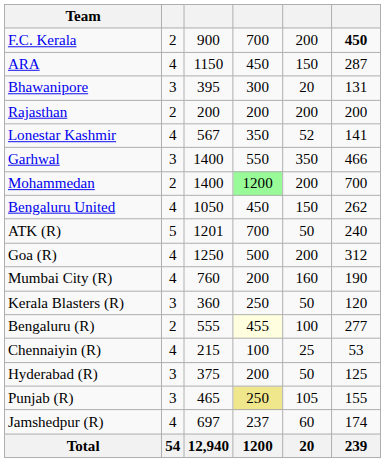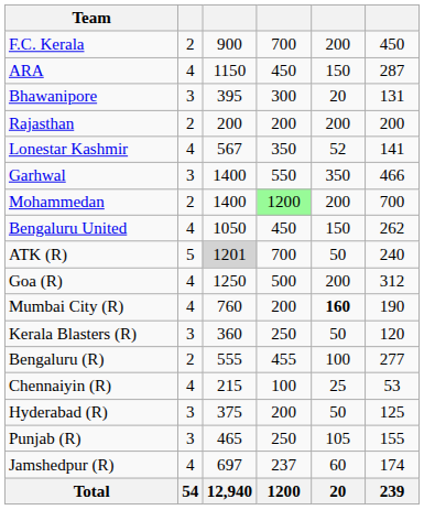 <table class="wikitable sortable">
 <tr>
 <th width=160>Team</th>
 <th></th>
 <th width=45></th>
 <th width=45></th>
 <th width=45></th>
 <th width=45></th>
 </tr>
 <tr>
 <td><a href='#'>F.C. Kerala</a></td>
 <td align=center>2</td>
 <td align=center>900</td>
 <td align=center>700</td>
 <td align=center>200</td>
-<td align=center><strong>450<br></strong></td>
+<td align=center>450<br></td>
 </tr>
 <tr>
 <td><a href='#'>ARA</a></td>
 <td align=center>4</td>
 <td align=center>1150</td>
 <td align=center>450</td>
 <td align=center>150</td>
 <td align=center>287<br></td>
 </tr>
 <tr>
 <td><a href='#'>Bhawanipore</a></td>
 <td align=center>3</td>
 <td align=center>395</td>
 <td align=center>300</td>
 <td align=center>20</td>
 <td align=center>131<br></td>
 </tr>
 <tr>
 <td><a href='#'>Rajasthan</a></td>
 <td align=center>2</td>
 <td align=center>200</td>
 <td align=center>200</td>
 <td align=center>200</td>
 <td align=center>200<br></td>
 </tr>
 <tr>
 <td><a href='#'>Lonestar Kashmir</a></td>
 <td align=center>4</td>
 <td align=center>567</td>
 <td align=center>350</td>
 <td align=center>52</td>
 <td align=center>141<br></td>
 </tr>
 <tr>
 <td><a href='#'>Garhwal</a></td>
 <td align=center>3</td>
 <td align=center>1400</td>
 <td align=center>550</td>
 <td align=center>350</td>
 <td align=center>466<br></td>
 </tr>
 <tr>
 <td><a href='#'>Mohammedan</a></td>
 <td align=center>2</td>
 <td align=center>1400</td>
 <td align=center bgcolor="#98FB98">1200</td>
 <td align=center>200</td>
 <td align=center>700<br></td>
 </tr>
 <tr>
 <td><a href='#'>Bengaluru United</a></td>
 <td align=center>4</td>
 <td align=center>1050</td>
 <td align=center>450</td>
 <td align=center>150</td>
 <td align=center>262<br></td>
 </tr>
 <tr>
 <td>ATK (R)</td>
 <td align=center>5</td>
-<td align=center>1201</td>
+<td align=center style="background: lightgrey;">1201</td>
 <td align=center>700</td>
 <td align=center>50</td>
 <td align=center>240<br></td>
 </tr>
 <tr>
 <td>Goa (R)</td>
 <td align=center>4</td>
 <td align=center>1250</td>
 <td align=center>500</td>
 <td align=center>200</td>
 <td align=center>312<br></td>
 </tr>
 <tr>
 <td>Mumbai City (R)</td>
 <td align=center>4</td>
 <td align=center>760</td>
 <td align=center>200</td>
-<td align=center>160</td>
+<td align=center><strong>160</strong></td>
 <td align=center>190<br></td>
 </tr>
 <tr>
 <td>Kerala Blasters (R)</td>
 <td align=center>3</td>
 <td align=center>360</td>
 <td align=center>250</td>
 <td align=center>50</td>
 <td align=center>120<br></td>
 </tr>
 <tr>
 <td>Bengaluru (R)</td>
 <td align=center>2</td>
 <td align=center>555</td>
-<td align=center style="background: lightyellow;">455</td>
+<td align=center>455</td>
 <td align=center>100</td>
 <td align=center>277<br></td>
 </tr>
 <tr>
 <td>Chennaiyin (R)</td>
 <td align=center>4</td>
 <td align=center>215</td>
 <td align=center>100</td>
 <td align=center>25</td>
 <td align=center>53<br></td>
 </tr>
 <tr>
 <td>Hyderabad (R)</td>
 <td align=center>3</td>
 <td align=center>375</td>
 <td align=center>200</td>
 <td align=center>50</td>
 <td align=center>125<br></td>
 </tr>
 <tr>
 <td>Punjab (R)</td>
 <td align=center>3</td>
 <td align=center>465</td>
-<td align=center style="background: khaki;">250</td>
+<td align=center>250</td>
 <td align=center>105</td>
 <td align=center>155<br></td>
 </tr>
 <tr>
 <td>Jamshedpur (R)</td>
 <td align=center>4</td>
 <td align=center>697</td>
 <td align=center>237</td>
 <td align=center>60</td>
 <td align=center>174<br></td>
 </tr>
 <tr>
 <th>Total</th>
 <th align=center>54</th>
 <th align=center>12,940</th>
 <th align=center>1200</th>
 <th align=center>20</th>
 <th align=center>239</th>
 </tr>
 </table>
